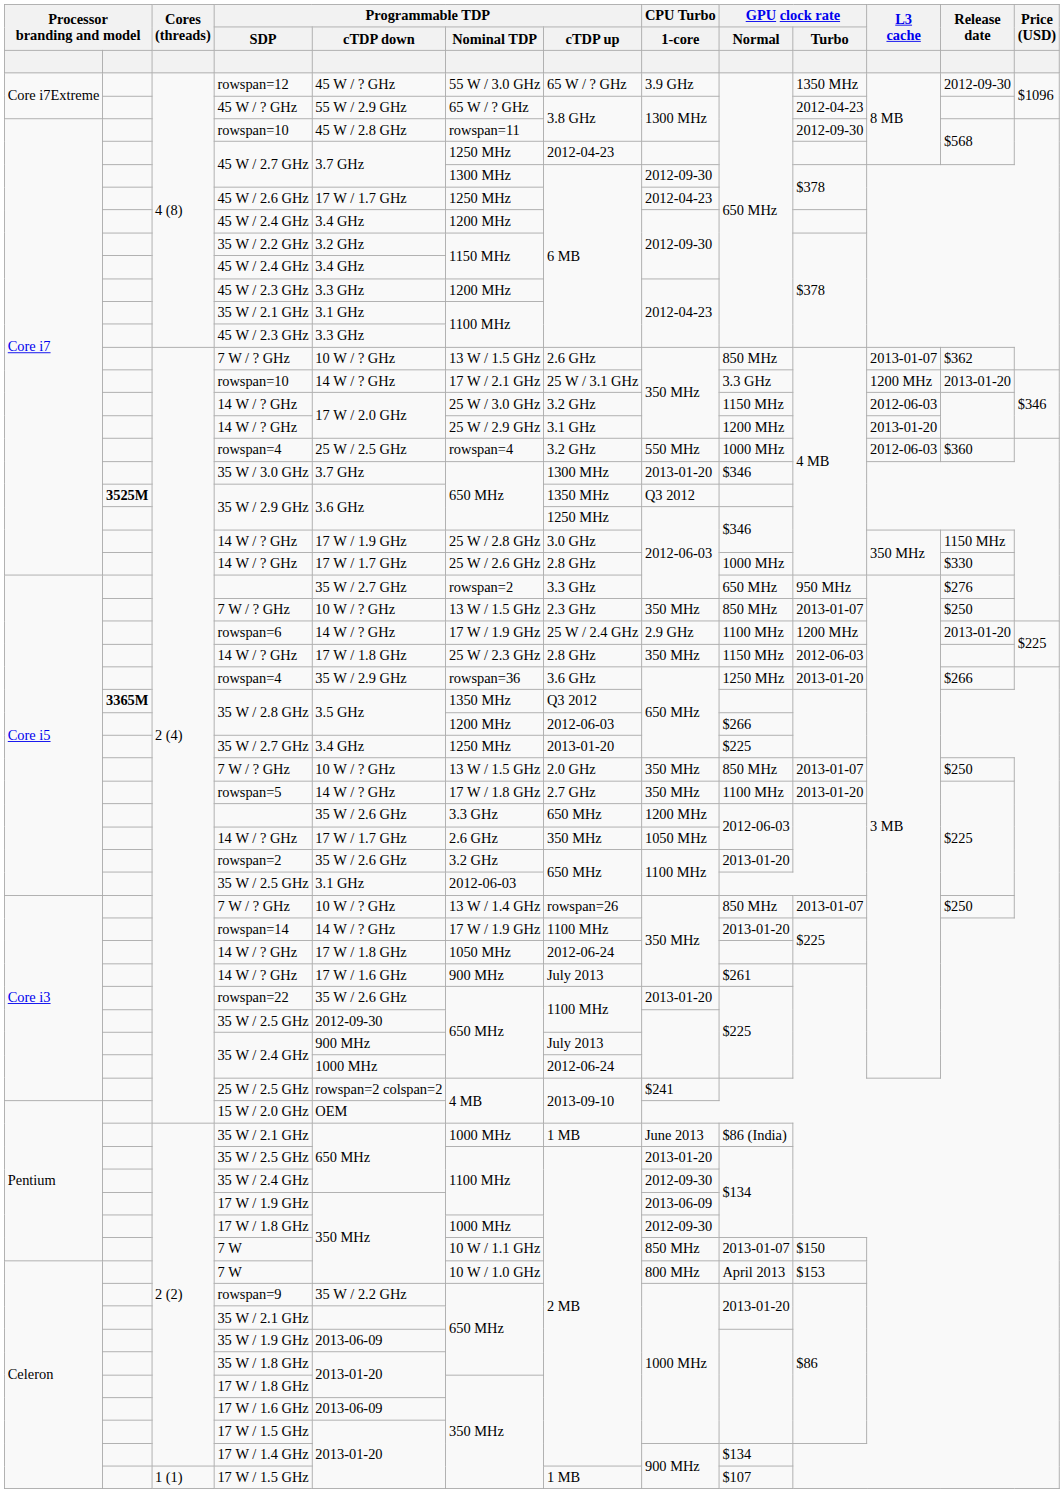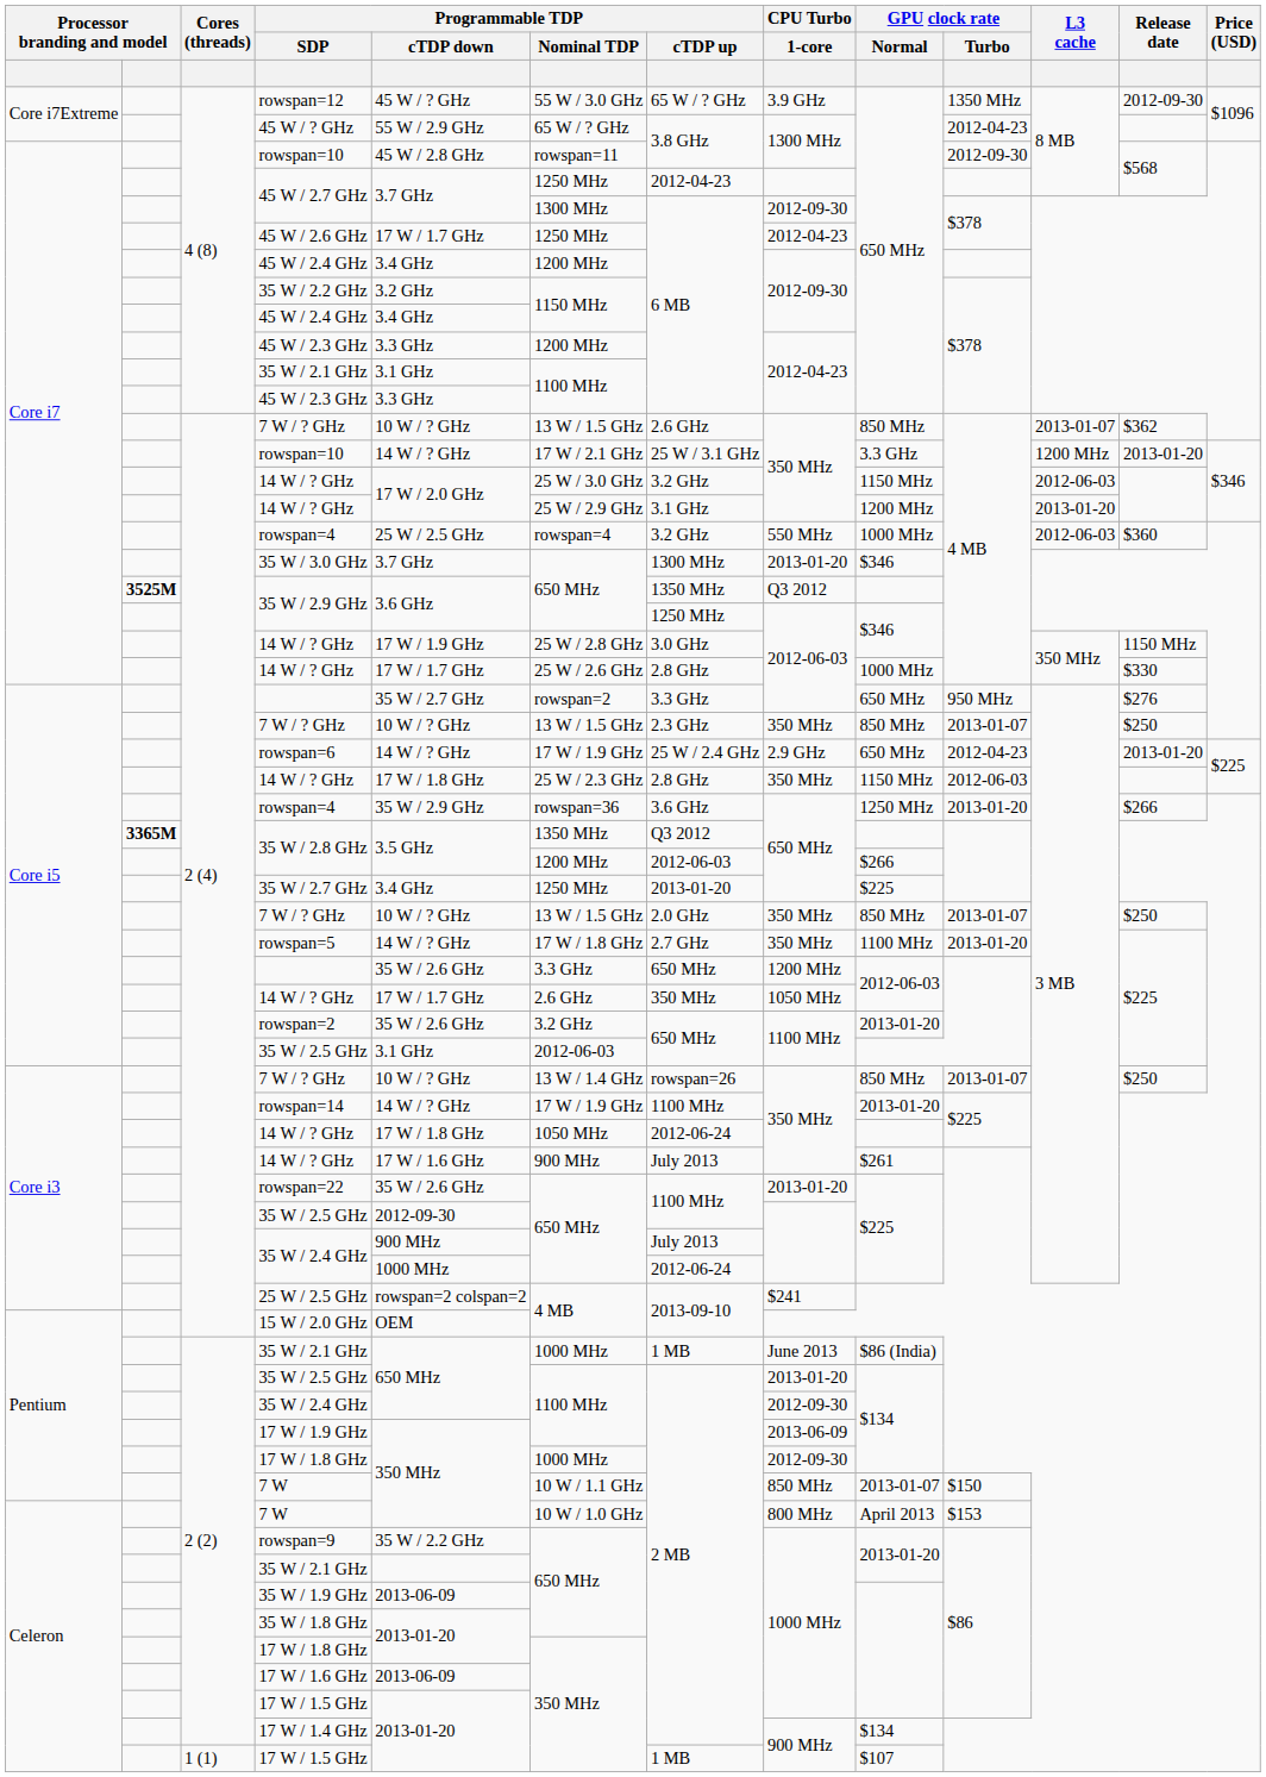 <table class="wikitable sortable hover-highlight">
 <tr>
 <th colspan=2 rowspan="2">Processor<br>branding and model</th>
 <th rowspan="2">Cores<br>(threads)</th>
 <th colspan=4>Programmable TDP</th>
 <th>CPU Turbo</th>
 <th colspan=2><a href='#'>GPU</a> <a href='#'>clock rate</a></th>
 <th rowspan=2><a href='#'>L3<br>cache</a></th>
 <th rowspan=2>Release<br>date</th>
 <th rowspan=2>Price<br>(USD)</th>
 </tr>
 <tr>
 <th>SDP</th>
 <th>cTDP down</th>
 <th>Nominal TDP</th>
 <th>cTDP up</th>
 <th>1-core</th>
 <th>Normal</th>
 <th>Turbo</th>
 </tr>
 <tr>
 <th style="background-position:center"><br></th>
 <th style="background-position:center"></th>
 <th style="background-position:center"></th>
 <th style="background-position:center"></th>
 <th style="background-position:center"></th>
 <th style="background-position:center"></th>
 <th style="background-position:center"></th>
 <th style="background-position:center"></th>
 <th style="background-position:center"></th>
 <th style="background-position:center"></th>
 <th style="background-position:center"></th>
 <th style="background-position:center"></th>
 <th style="background-position:center"></th>
 </tr>
 <tr>
 <td rowspan="2">Core i7Extreme</td>
 <td><strong></strong></td>
 <td rowspan="12">4 (8)</td>
 <td>rowspan=12 </td>
 <td>45 W / ? GHz</td>
 <td>55 W / 3.0 GHz</td>
 <td>65 W / ? GHz</td>
 <td>3.9 GHz</td>
 <td rowspan=12>650 MHz</td>
 <td>1350 MHz</td>
 <td rowspan=4>8 MB</td>
 <td>2012-09-30</td>
 <td rowspan=2>$1096</td>
 </tr>
 <tr>
 <td><strong></strong></td>
 <td>45 W / ? GHz</td>
 <td>55 W / 2.9 GHz</td>
 <td>65 W / ? GHz</td>
 <td rowspan=2>3.8 GHz</td>
 <td rowspan=2>1300 MHz</td>
 <td>2012-04-23</td>
 </tr>
 <tr>
 <td rowspan="20"><a href='#'>Core i7</a></td>
 <td><strong></strong></td>
 <td>rowspan=10 </td>
 <td>45 W / 2.8 GHz</td>
 <td>rowspan=11 </td>
 <td>2012-09-30</td>
 <td rowspan=2>$568</td>
 </tr>
 <tr>
 <td><strong></strong></td>
 <td rowspan=2>45 W / 2.7 GHz</td>
 <td rowspan=2>3.7 GHz</td>
 <td>1250 MHz</td>
 <td>2012-04-23</td>
 </tr>
 <tr>
 <td><strong></strong></td>
 <td>1300 MHz</td>
 <td rowspan=8>6 MB</td>
 <td>2012-09-30</td>
 <td rowspan=2>$378</td>
 </tr>
 <tr>
 <td><strong></strong></td>
 <td>45 W / 2.6 GHz</td>
 <td>17 W / 1.7 GHz</td>
 <td>1250 MHz</td>
 <td>2012-04-23</td>
 </tr>
 <tr>
 <td><strong></strong></td>
 <td>45 W / 2.4 GHz</td>
 <td>3.4 GHz</td>
 <td>1200 MHz</td>
 <td rowspan=3>2012-09-30</td>
 <td></td>
 </tr>
 <tr>
 <td><strong></strong></td>
 <td>35 W / 2.2 GHz</td>
 <td>3.2 GHz</td>
 <td rowspan=2>1150 MHz</td>
 <td rowspan=5>$378</td>
 </tr>
 <tr>
 <td><strong></strong></td>
 <td>45 W / 2.4 GHz</td>
 <td>3.4 GHz</td>
 </tr>
 <tr>
 <td><strong></strong></td>
 <td>45 W / 2.3 GHz</td>
 <td>3.3 GHz</td>
 <td>1200 MHz</td>
 <td rowspan=3>2012-04-23</td>
 </tr>
 <tr>
 <td><strong></strong></td>
 <td>35 W / 2.1 GHz</td>
 <td>3.1 GHz</td>
 <td rowspan=2>1100 MHz</td>
 </tr>
 <tr>
 <td><strong></strong></td>
 <td>45 W / 2.3 GHz</td>
 <td>3.3 GHz</td>
 </tr>
 <tr>
 <td><strong></strong></td>
 <td rowspan="34">2 (4)</td>
 <td>7 W / ? GHz</td>
 <td>10 W / ? GHz</td>
 <td>13 W / 1.5 GHz</td>
 <td>2.6 GHz</td>
 <td rowspan=4>350 MHz</td>
 <td>850 MHz</td>
 <td rowspan=10>4 MB</td>
 <td>2013-01-07</td>
 <td>$362</td>
 </tr>
 <tr>
 <td><strong></strong></td>
 <td>rowspan=10 </td>
 <td>14 W / ? GHz</td>
 <td>17 W / 2.1 GHz</td>
 <td>25 W / 3.1 GHz</td>
 <td>3.3 GHz</td>
 <td>1200 MHz</td>
 <td>2013-01-20</td>
 <td rowspan=3>$346</td>
 </tr>
 <tr>
 <td><strong></strong></td>
 <td>14 W / ? GHz</td>
 <td rowspan=2>17 W / 2.0 GHz</td>
 <td>25 W / 3.0 GHz</td>
 <td>3.2 GHz</td>
 <td>1150 MHz</td>
 <td>2012-06-03</td>
 </tr>
 <tr>
 <td><strong></strong></td>
 <td>14 W / ? GHz</td>
 <td>25 W / 2.9 GHz</td>
 <td>3.1 GHz</td>
 <td>1200 MHz</td>
 <td>2013-01-20</td>
 </tr>
 <tr>
 <td><strong></strong></td>
 <td>rowspan=4 </td>
 <td>25 W / 2.5 GHz</td>
 <td>rowspan=4 </td>
 <td>3.2 GHz</td>
 <td>550 MHz</td>
 <td>1000 MHz</td>
 <td>2012-06-03</td>
 <td>$360</td>
 </tr>
 <tr>
 <td><strong></strong></td>
 <td>35 W / 3.0 GHz</td>
 <td>3.7 GHz</td>
 <td rowspan=3>650 MHz</td>
 <td>1300 MHz</td>
 <td>2013-01-20</td>
 <td>$346</td>
 </tr>
 <tr>
 <td><strong>3525M</strong></td>
 <td rowspan=2>35 W / 2.9 GHz</td>
 <td rowspan=2>3.6 GHz</td>
 <td>1350 MHz</td>
 <td>Q3 2012</td>
 <td></td>
 </tr>
 <tr>
 <td><strong></strong></td>
 <td>1250 MHz</td>
 <td rowspan=4>2012-06-03</td>
 <td rowspan=2>$346</td>
 </tr>
 <tr>
 <td><strong></strong></td>
 <td>14 W / ? GHz</td>
 <td>17 W / 1.9 GHz</td>
 <td>25 W / 2.8 GHz</td>
 <td>3.0 GHz</td>
 <td rowspan=2>350 MHz</td>
 <td>1150 MHz</td>
 </tr>
 <tr>
 <td><strong></strong></td>
 <td>14 W / ? GHz</td>
 <td>17 W / 1.7 GHz</td>
 <td>25 W / 2.6 GHz</td>
 <td>2.8 GHz</td>
 <td>1000 MHz</td>
 <td>$330</td>
 </tr>
 <tr>
 <td rowspan=14><a href='#'>Core i5</a></td>
 <td><strong></strong></td>
 <td></td>
 <td>35 W / 2.7 GHz</td>
 <td>rowspan=2 </td>
 <td>3.3 GHz</td>
 <td>650 MHz</td>
 <td>950 MHz</td>
 <td rowspan=22>3 MB</td>
 <td>$276</td>
 </tr>
 <tr>
 <td><strong></strong></td>
 <td>7 W / ? GHz</td>
 <td>10 W / ? GHz</td>
 <td>13 W / 1.5 GHz</td>
 <td>2.3 GHz</td>
 <td>350 MHz</td>
 <td>850 MHz</td>
 <td>2013-01-07</td>
 <td>$250</td>
 </tr>
 <tr>
 <td><strong></strong></td>
 <td>rowspan=6 </td>
 <td>14 W / ? GHz</td>
 <td>17 W / 1.9 GHz</td>
 <td>25 W / 2.4 GHz</td>
 <td>2.9 GHz</td>
-<td>1100 MHz</td>
-<td>1200 MHz</td>
+<td>650 MHz</td>
+<td>2012-04-23</td>
 <td>2013-01-20</td>
 <td rowspan=2>$225</td>
 </tr>
 <tr>
 <td><strong></strong></td>
 <td>14 W / ? GHz</td>
 <td>17 W / 1.8 GHz</td>
 <td>25 W / 2.3 GHz</td>
 <td>2.8 GHz</td>
 <td>350 MHz</td>
 <td>1150 MHz</td>
 <td>2012-06-03</td>
 </tr>
 <tr>
 <td><strong></strong></td>
 <td>rowspan=4 </td>
 <td>35 W / 2.9 GHz</td>
 <td>rowspan=36 </td>
 <td>3.6 GHz</td>
 <td rowspan=4>650 MHz</td>
 <td>1250 MHz</td>
 <td>2013-01-20</td>
 <td>$266</td>
 </tr>
 <tr>
 <td><strong>3365M</strong></td>
 <td rowspan=2>35 W / 2.8 GHz</td>
 <td rowspan=2>3.5 GHz</td>
 <td>1350 MHz</td>
 <td>Q3 2012</td>
 <td></td>
 </tr>
 <tr>
 <td><strong></strong></td>
 <td>1200 MHz</td>
 <td>2012-06-03</td>
 <td>$266</td>
 </tr>
 <tr>
 <td><strong></strong></td>
 <td>35 W / 2.7 GHz</td>
 <td>3.4 GHz</td>
 <td>1250 MHz</td>
 <td>2013-01-20</td>
 <td>$225</td>
 </tr>
 <tr>
 <td><strong></strong></td>
 <td>7 W / ? GHz</td>
 <td>10 W / ? GHz</td>
 <td>13 W / 1.5 GHz</td>
 <td>2.0 GHz</td>
 <td>350 MHz</td>
 <td>850 MHz</td>
 <td>2013-01-07</td>
 <td>$250</td>
 </tr>
 <tr>
 <td><strong></strong></td>
 <td>rowspan=5 </td>
 <td>14 W / ? GHz</td>
 <td>17 W / 1.8 GHz</td>
 <td>2.7 GHz</td>
 <td>350 MHz</td>
 <td>1100 MHz</td>
 <td>2013-01-20</td>
 <td rowspan=5>$225</td>
 </tr>
 <tr>
 <td><strong></strong></td>
 <td></td>
 <td>35 W / 2.6 GHz</td>
 <td>3.3 GHz</td>
 <td>650 MHz</td>
 <td>1200 MHz</td>
 <td rowspan=2>2012-06-03</td>
 </tr>
 <tr>
 <td><strong></strong></td>
 <td>14 W / ? GHz</td>
 <td>17 W / 1.7 GHz</td>
 <td>2.6 GHz</td>
 <td>350 MHz</td>
 <td>1050 MHz</td>
 </tr>
 <tr>
 <td><strong></strong></td>
 <td>rowspan=2 </td>
 <td>35 W / 2.6 GHz</td>
 <td>3.2 GHz</td>
 <td rowspan=2>650 MHz</td>
 <td rowspan=2>1100 MHz</td>
 <td>2013-01-20</td>
 </tr>
 <tr>
 <td><strong></strong></td>
 <td>35 W / 2.5 GHz</td>
 <td>3.1 GHz</td>
 <td>2012-06-03</td>
 </tr>
 <tr>
 <td rowspan=9><a href='#'>Core i3</a></td>
 <td><strong></strong></td>
 <td>7 W / ? GHz</td>
 <td>10 W / ? GHz</td>
 <td>13 W / 1.4 GHz</td>
 <td>rowspan=26 </td>
 <td rowspan=4>350 MHz</td>
 <td>850 MHz</td>
 <td>2013-01-07</td>
 <td>$250</td>
 </tr>
 <tr>
 <td><strong></strong></td>
 <td>rowspan=14 </td>
 <td>14 W / ? GHz</td>
 <td>17 W / 1.9 GHz</td>
 <td>1100 MHz</td>
 <td>2013-01-20</td>
 <td rowspan=2>$225</td>
 </tr>
 <tr>
 <td><strong></strong></td>
 <td>14 W / ? GHz</td>
 <td>17 W / 1.8 GHz</td>
 <td>1050 MHz</td>
 <td>2012-06-24</td>
 </tr>
 <tr>
 <td><strong></strong></td>
 <td>14 W / ? GHz</td>
 <td>17 W / 1.6 GHz</td>
 <td>900 MHz</td>
 <td>July 2013</td>
 <td>$261</td>
 </tr>
 <tr>
 <td><strong></strong></td>
 <td>rowspan=22 </td>
 <td>35 W / 2.6 GHz</td>
 <td rowspan=4>650 MHz</td>
 <td rowspan=2>1100 MHz</td>
 <td>2013-01-20</td>
 <td rowspan=4>$225</td>
 </tr>
 <tr>
 <td><strong></strong></td>
 <td>35 W / 2.5 GHz</td>
 <td>2012-09-30</td>
 </tr>
 <tr>
 <td><strong></strong></td>
 <td rowspan=2>35 W / 2.4 GHz</td>
 <td>900 MHz</td>
 <td>July 2013</td>
 </tr>
 <tr>
 <td><strong></strong></td>
 <td>1000 MHz</td>
 <td>2012-06-24</td>
 </tr>
 <tr>
 <td></td>
 <td>25 W / 2.5 GHz</td>
 <td>rowspan=2 colspan=2 </td>
 <td rowspan=2>4 MB</td>
 <td rowspan=2>2013-09-10</td>
 <td>$241</td>
 </tr>
 <tr>
 <td rowspan=7>Pentium</td>
 <td></td>
 <td>15 W / 2.0 GHz</td>
 <td>OEM</td>
 </tr>
 <tr>
 <td></td>
 <td rowspan=15>2 (2)</td>
 <td>35 W / 2.1 GHz</td>
 <td rowspan=3>650 MHz</td>
 <td>1000 MHz</td>
 <td>1 MB</td>
 <td>June 2013</td>
 <td>$86 (India)</td>
 </tr>
 <tr>
 <td></td>
 <td>35 W / 2.5 GHz</td>
 <td rowspan=3>1100 MHz</td>
 <td rowspan=14>2 MB</td>
 <td>2013-01-20</td>
 <td rowspan=4>$134</td>
 </tr>
 <tr>
 <td></td>
 <td>35 W / 2.4 GHz</td>
 <td>2012-09-30</td>
 </tr>
 <tr>
 <td></td>
 <td>17 W / 1.9 GHz</td>
 <td rowspan=4>350 MHz</td>
 <td>2013-06-09</td>
 </tr>
 <tr>
 <td></td>
 <td>17 W / 1.8 GHz</td>
 <td>1000 MHz</td>
 <td>2012-09-30</td>
 </tr>
 <tr>
 <td></td>
 <td>7 W</td>
 <td>10 W / 1.1 GHz</td>
 <td>850 MHz</td>
 <td>2013-01-07</td>
 <td>$150</td>
 </tr>
 <tr>
 <td rowspan=10>Celeron</td>
 <td></td>
 <td>7 W</td>
 <td>10 W / 1.0 GHz</td>
 <td>800 MHz</td>
 <td>April 2013</td>
 <td>$153</td>
 </tr>
 <tr>
 <td></td>
 <td>rowspan=9 </td>
 <td>35 W / 2.2 GHz</td>
 <td rowspan=4>650 MHz</td>
 <td rowspan=7>1000 MHz</td>
 <td rowspan=2>2013-01-20</td>
 <td rowspan=7>$86</td>
 </tr>
 <tr>
 <td></td>
 <td>35 W / 2.1 GHz</td>
 </tr>
 <tr>
 <td></td>
 <td>35 W / 1.9 GHz</td>
 <td>2013-06-09</td>
 </tr>
 <tr>
 <td></td>
 <td>35 W / 1.8 GHz</td>
 <td rowspan=2>2013-01-20</td>
 </tr>
 <tr>
 <td></td>
 <td>17 W / 1.8 GHz</td>
 <td rowspan=5>350 MHz</td>
 </tr>
 <tr>
 <td></td>
 <td>17 W / 1.6 GHz</td>
 <td>2013-06-09</td>
 </tr>
 <tr>
 <td></td>
 <td>17 W / 1.5 GHz</td>
 <td rowspan=3>2013-01-20</td>
 </tr>
 <tr>
 <td></td>
 <td>17 W / 1.4 GHz</td>
 <td rowspan=2>900 MHz</td>
 <td>$134</td>
 </tr>
 <tr>
 <td></td>
 <td>1 (1)</td>
 <td>17 W / 1.5 GHz</td>
 <td>1 MB</td>
 <td>$107</td>
 </tr>
 </table>
